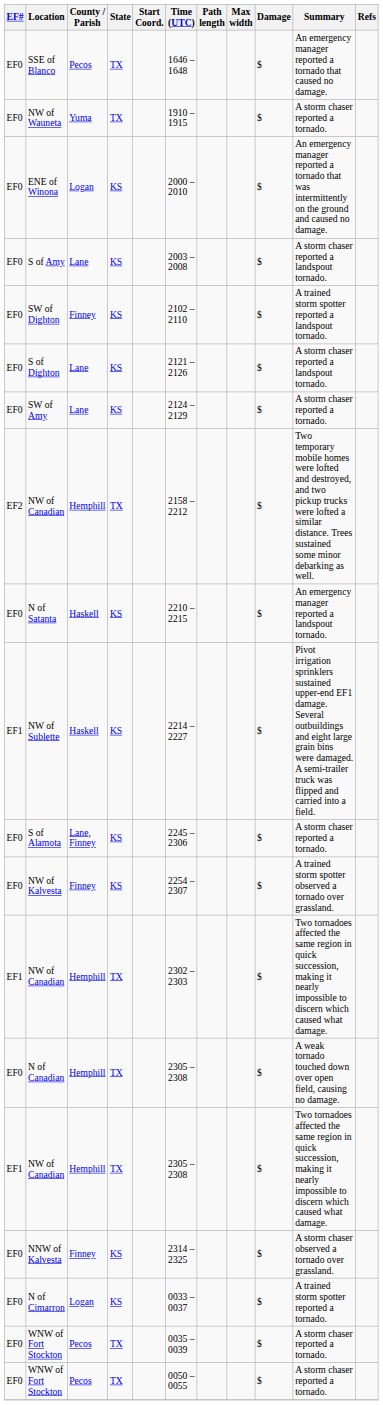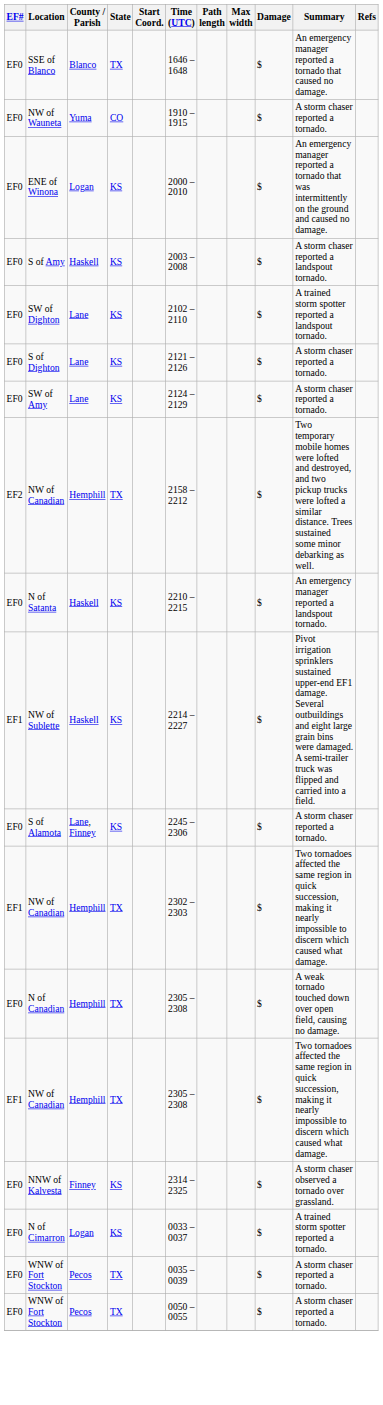 <table class="wikitable sortable" style="width:100%;">
 <tr>
 <th scope="col" width="3%" align="center"><a href='#'>EF#</a></th>
 <th scope="col" width="7%" align="center" class="unsortable">Location</th>
 <th scope="col" width="6%" align="center" class="unsortable">County / Parish</th>
 <th scope="col" width="5%" align="center">State</th>
 <th scope="col" width="6%" align="center">Start Coord.</th>
 <th scope="col" width="6%" align="center">Time (<a href='#'>UTC</a>)</th>
 <th scope="col" width="6%" align="center">Path length</th>
 <th scope="col" width="6%" align="center">Max width</th>
 <th scope="col" width="6%" align="center">Damage</th>
 <th scope="col" width="48%" class="unsortable" align="center">Summary</th>
 <th scope="col" width="48%" class="unsortable" align="center">Refs</th>
 </tr>
 <tr>
 <td>EF0</td>
 <td>SSE of <a href='#'>Blanco</a></td>
-<td><a href='#'>Pecos</a></td>
+<td><a href='#'>Blanco</a></td>
 <td><a href='#'>TX</a></td>
 <td></td>
 <td>1646 – 1648</td>
 <td></td>
 <td></td>
 <td>$</td>
 <td>An emergency manager reported a tornado that caused no damage.</td>
 <td></td>
 </tr>
 <tr>
 <td>EF0</td>
 <td>NW of <a href='#'>Wauneta</a></td>
 <td><a href='#'>Yuma</a></td>
-<td><a href='#'>TX</a></td>
+<td><a href='#'>CO</a></td>
 <td></td>
 <td>1910 – 1915</td>
 <td></td>
 <td></td>
 <td>$</td>
 <td>A storm chaser reported a tornado.</td>
 <td></td>
 </tr>
 <tr>
 <td>EF0</td>
 <td>ENE of <a href='#'>Winona</a></td>
 <td><a href='#'>Logan</a></td>
 <td><a href='#'>KS</a></td>
 <td></td>
 <td>2000 – 2010</td>
 <td></td>
 <td></td>
 <td>$</td>
 <td>An emergency manager reported a tornado that was intermittently on the ground and caused no damage.</td>
 <td></td>
 </tr>
 <tr>
 <td>EF0</td>
 <td>S of <a href='#'>Amy</a></td>
-<td><a href='#'>Lane</a></td>
+<td><a href='#'>Haskell</a></td>
 <td><a href='#'>KS</a></td>
 <td></td>
 <td>2003 – 2008</td>
 <td></td>
 <td></td>
 <td>$</td>
 <td>A storm chaser reported a landspout tornado.</td>
 <td></td>
 </tr>
 <tr>
 <td>EF0</td>
 <td>SW of <a href='#'>Dighton</a></td>
-<td><a href='#'>Finney</a></td>
+<td><a href='#'>Lane</a></td>
 <td><a href='#'>KS</a></td>
 <td></td>
 <td>2102 – 2110</td>
 <td></td>
 <td></td>
 <td>$</td>
 <td>A trained storm spotter reported a landspout tornado.</td>
 <td></td>
 </tr>
 <tr>
 <td>EF0</td>
 <td>S of <a href='#'>Dighton</a></td>
 <td><a href='#'>Lane</a></td>
 <td><a href='#'>KS</a></td>
 <td></td>
 <td>2121 – 2126</td>
 <td></td>
 <td></td>
 <td>$</td>
-<td>A storm chaser reported a landspout tornado.</td>
+<td>A storm chaser reported a tornado.</td>
 <td></td>
 </tr>
 <tr>
 <td>EF0</td>
 <td>SW of <a href='#'>Amy</a></td>
 <td><a href='#'>Lane</a></td>
 <td><a href='#'>KS</a></td>
 <td></td>
 <td>2124 – 2129</td>
 <td></td>
 <td></td>
 <td>$</td>
 <td>A storm chaser reported a tornado.</td>
 <td></td>
 </tr>
 <tr>
 <td>EF2</td>
 <td>NW of <a href='#'>Canadian</a></td>
 <td><a href='#'>Hemphill</a></td>
 <td><a href='#'>TX</a></td>
 <td></td>
 <td>2158 – 2212</td>
 <td></td>
 <td></td>
 <td>$</td>
 <td>Two temporary mobile homes were lofted  and destroyed, and two pickup trucks were lofted a similar distance. Trees sustained some minor debarking as well.</td>
 <td></td>
 </tr>
 <tr>
 <td>EF0</td>
 <td>N of <a href='#'>Satanta</a></td>
 <td><a href='#'>Haskell</a></td>
 <td><a href='#'>KS</a></td>
 <td></td>
 <td>2210 – 2215</td>
 <td></td>
 <td></td>
 <td>$</td>
 <td>An emergency manager reported a landspout tornado.</td>
 <td></td>
 </tr>
 <tr>
 <td>EF1</td>
 <td>NW of <a href='#'>Sublette</a></td>
 <td><a href='#'>Haskell</a></td>
 <td><a href='#'>KS</a></td>
 <td></td>
 <td>2214 – 2227</td>
 <td></td>
 <td></td>
 <td>$</td>
 <td>Pivot irrigation sprinklers sustained upper-end EF1 damage. Several outbuildings and eight large grain bins were damaged. A semi-trailer truck was flipped and carried into a field.</td>
 <td></td>
 </tr>
 <tr>
 <td>EF0</td>
 <td>S of <a href='#'>Alamota</a></td>
 <td><a href='#'>Lane</a>, <a href='#'>Finney</a></td>
 <td><a href='#'>KS</a></td>
 <td></td>
 <td>2245 – 2306</td>
 <td></td>
 <td></td>
 <td>$</td>
 <td>A storm chaser reported a tornado.</td>
-<td></td>
-</tr>
-<tr>
-<td>EF0</td>
-<td>NW of <a href='#'>Kalvesta</a></td>
-<td><a href='#'>Finney</a></td>
-<td><a href='#'>KS</a></td>
-<td></td>
-<td>2254 – 2307</td>
-<td></td>
-<td></td>
-<td>$</td>
-<td>A trained storm spotter observed a tornado over grassland.</td>
 <td></td>
 </tr>
 <tr>
 <td>EF1</td>
 <td>NW of <a href='#'>Canadian</a></td>
 <td><a href='#'>Hemphill</a></td>
 <td><a href='#'>TX</a></td>
 <td></td>
 <td>2302 – 2303</td>
 <td></td>
 <td></td>
 <td>$</td>
 <td>Two tornadoes affected the same region in quick succession, making it nearly impossible to discern which caused what damage.</td>
 <td></td>
 </tr>
 <tr>
 <td>EF0</td>
 <td>N of <a href='#'>Canadian</a></td>
 <td><a href='#'>Hemphill</a></td>
 <td><a href='#'>TX</a></td>
 <td></td>
 <td>2305 – 2308</td>
 <td></td>
 <td></td>
 <td>$</td>
 <td>A weak tornado touched down over open field, causing no damage.</td>
 <td></td>
 </tr>
 <tr>
 <td>EF1</td>
 <td>NW of <a href='#'>Canadian</a></td>
 <td><a href='#'>Hemphill</a></td>
 <td><a href='#'>TX</a></td>
 <td></td>
 <td>2305 – 2308</td>
 <td></td>
 <td></td>
 <td>$</td>
 <td>Two tornadoes affected the same region in quick succession, making it nearly impossible to discern which caused what damage.</td>
 <td></td>
 </tr>
 <tr>
 <td>EF0</td>
 <td>NNW of <a href='#'>Kalvesta</a></td>
 <td><a href='#'>Finney</a></td>
 <td><a href='#'>KS</a></td>
 <td></td>
 <td>2314 – 2325</td>
 <td></td>
 <td></td>
 <td>$</td>
 <td>A storm chaser observed a tornado over grassland.</td>
 <td></td>
 </tr>
 <tr>
 <td>EF0</td>
 <td>N of <a href='#'>Cimarron</a></td>
 <td><a href='#'>Logan</a></td>
 <td><a href='#'>KS</a></td>
 <td></td>
 <td>0033 – 0037</td>
 <td></td>
 <td></td>
 <td>$</td>
 <td>A trained storm spotter reported a tornado.</td>
 <td></td>
 </tr>
 <tr>
 <td>EF0</td>
 <td>WNW of <a href='#'>Fort Stockton</a></td>
 <td><a href='#'>Pecos</a></td>
 <td><a href='#'>TX</a></td>
 <td></td>
 <td>0035 – 0039</td>
 <td></td>
 <td></td>
 <td>$</td>
 <td>A storm chaser reported a tornado.</td>
 <td></td>
 </tr>
 <tr>
 <td>EF0</td>
 <td>WNW of <a href='#'>Fort Stockton</a></td>
 <td><a href='#'>Pecos</a></td>
 <td><a href='#'>TX</a></td>
 <td></td>
 <td>0050 – 0055</td>
 <td></td>
 <td></td>
 <td>$</td>
 <td>A storm chaser reported a tornado.</td>
 <td></td>
 </tr>
 <tr>
 </tr>
 </table>
